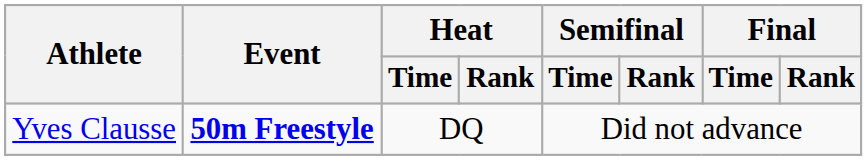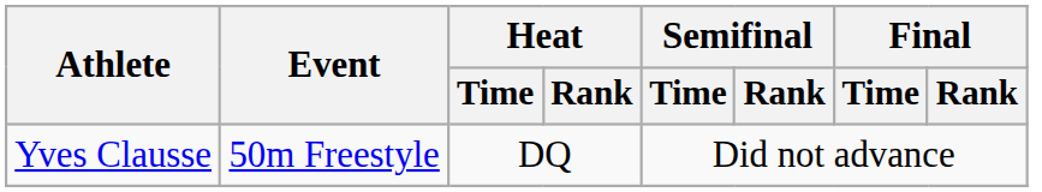 <table class="wikitable" style="font-size:90%">
 <tr>
 <th rowspan="2">Athlete</th>
 <th rowspan="2">Event</th>
 <th colspan="2">Heat</th>
 <th colspan="2">Semifinal</th>
 <th colspan="2">Final</th>
 </tr>
 <tr style="font-size:95%">
 <th>Time</th>
 <th>Rank</th>
 <th>Time</th>
 <th>Rank</th>
 <th>Time</th>
 <th>Rank</th>
 </tr>
 <tr align="center">
 <td align="left"><a href='#'>Yves Clausse</a></td>
-<td align="left"><strong><a href='#'>50m Freestyle</a></strong></td>
+<td align="left"><a href='#'>50m Freestyle</a></td>
 <td colspan="2">DQ</td>
 <td colspan="4">Did not advance</td>
 </tr>
 </table>
